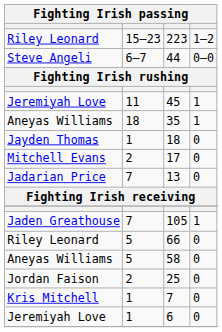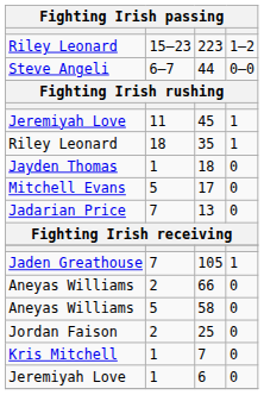 <table class="wikitable plainrowheaders">
 <tr>
 <th colspan="6">Fighting Irish passing</th>
 </tr>
 <tr>
 <th scope="col"></th>
 <th scope="col"></th>
 <th scope="col"></th>
 <th scope="col"></th>
 </tr>
 <tr>
 <td><a href='#'>Riley Leonard</a></td>
 <td>15–23</td>
 <td>223</td>
 <td>1–2</td>
 </tr>
 <tr>
 <td><a href='#'>Steve Angeli</a></td>
 <td>6–7</td>
 <td>44</td>
 <td>0–0</td>
 </tr>
 <tr>
 <th colspan="6">Fighting Irish rushing</th>
 </tr>
 <tr>
 <th scope="col"></th>
 <th scope="col"></th>
 <th scope="col"></th>
 <th scope="col"></th>
 </tr>
 <tr>
 <td><a href='#'>Jeremiyah Love</a></td>
 <td>11</td>
 <td>45</td>
 <td>1</td>
 </tr>
 <tr>
-<td>Aneyas Williams</td>
+<td>Riley Leonard</td>
 <td>18</td>
 <td>35</td>
 <td>1</td>
 </tr>
 <tr>
 <td><a href='#'>Jayden Thomas</a></td>
 <td>1</td>
 <td>18</td>
 <td>0</td>
 </tr>
 <tr>
 <td><a href='#'>Mitchell Evans</a></td>
-<td>2</td>
+<td>5</td>
 <td>17</td>
 <td>0</td>
 </tr>
 <tr>
 <td><a href='#'>Jadarian Price</a></td>
 <td>7</td>
 <td>13</td>
 <td>0</td>
 </tr>
 <tr>
 <th colspan="6">Fighting Irish receiving</th>
 </tr>
 <tr>
 </tr>
 <tr>
 <th scope="col"></th>
 <th scope="col"></th>
 <th scope="col"></th>
 <th scope="col"></th>
 </tr>
 <tr>
 <td><a href='#'>Jaden Greathouse</a></td>
 <td>7</td>
 <td>105</td>
 <td>1</td>
 </tr>
 <tr>
-<td>Riley Leonard</td>
-<td>5</td>
+<td>Aneyas Williams</td>
+<td>2</td>
 <td>66</td>
 <td>0</td>
 </tr>
 <tr>
 <td>Aneyas Williams</td>
 <td>5</td>
 <td>58</td>
 <td>0</td>
 </tr>
 <tr>
 <td>Jordan Faison</td>
 <td>2</td>
 <td>25</td>
 <td>0</td>
 </tr>
 <tr>
 <td><a href='#'>Kris Mitchell</a></td>
 <td>1</td>
 <td>7</td>
 <td>0</td>
 </tr>
 <tr>
 <td>Jeremiyah Love</td>
 <td>1</td>
 <td>6</td>
 <td>0</td>
 </tr>
 <tr>
 </tr>
 </table>
